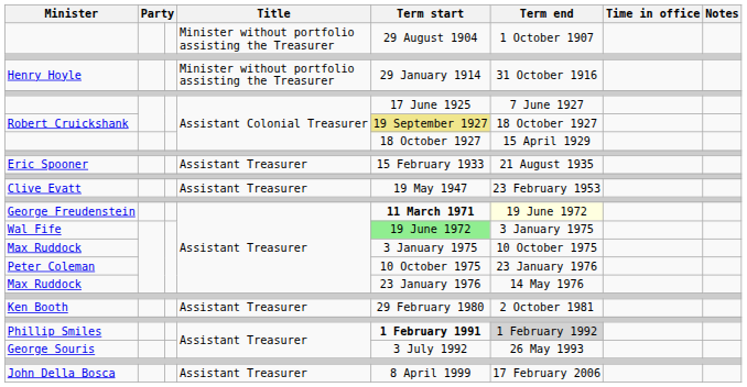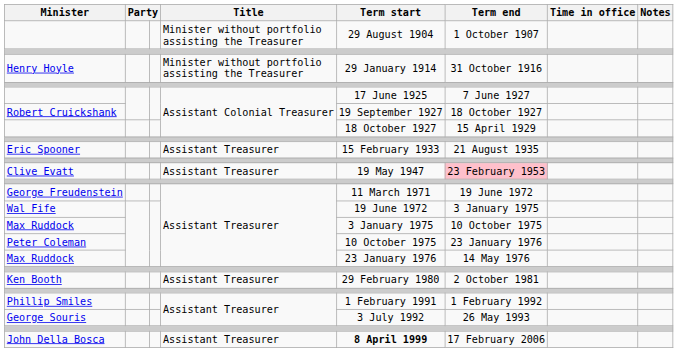 <table class="wikitable sortable">
 <tr>
 <th>Minister</th>
 <th colspan="2">Party</th>
 <th>Title</th>
 <th>Term start</th>
 <th>Term end</th>
 <th>Time in office</th>
 <th class="unsortable">Notes</th>
 </tr>
 <tr>
 <td></td>
 <td> </td>
 <td></td>
 <td>Minister without portfolio<br>assisting the Treasurer</td>
 <td align="center">29 August 1904</td>
 <td align="center">1 October 1907</td>
 <td align="right"></td>
 <td></td>
 </tr>
 <tr>
 <th colspan="10" style="background: #cccccc;"></th>
 </tr>
 <tr>
 <td><a href='#'>Henry Hoyle</a></td>
 <td> </td>
 <td></td>
 <td>Minister without portfolio<br>assisting the Treasurer</td>
 <td align=center>29 January 1914</td>
 <td align=center>31 October 1916</td>
 <td align=right></td>
 <td></td>
 </tr>
 <tr>
 <th colspan="10" style="background: #cccccc;"></th>
 </tr>
 <tr>
 <td></td>
 <td rowspan="2" > </td>
 <td rowspan="2"></td>
 <td rowspan="3">Assistant Colonial Treasurer</td>
 <td align=center>17 June 1925</td>
 <td align=center>7 June 1927</td>
 <td align=right></td>
 <td></td>
 </tr>
 <tr>
 <td><a href='#'>Robert Cruickshank</a></td>
-<td align=center style="background: khaki;">19 September 1927</td>
+<td align=center>19 September 1927</td>
 <td align=center>18 October 1927</td>
 <td align=right></td>
 <td></td>
 </tr>
 <tr>
 <td></td>
 <td> </td>
 <td></td>
 <td align=center>18 October 1927</td>
 <td align=center>15 April 1929</td>
 <td align=right></td>
 <td></td>
 </tr>
 <tr>
 <th colspan="10" style="background: #cccccc;"></th>
 </tr>
 <tr>
 <td><a href='#'>Eric Spooner</a></td>
 <td> </td>
 <td></td>
 <td>Assistant Treasurer</td>
 <td align=center>15 February 1933</td>
 <td align=center>21 August 1935</td>
 <td align=right></td>
 <td></td>
 </tr>
 <tr>
 <th colspan="10" style="background: #cccccc;"></th>
 </tr>
 <tr>
 <td><a href='#'>Clive Evatt</a></td>
 <td> </td>
 <td></td>
 <td>Assistant Treasurer</td>
 <td align=center>19 May 1947</td>
-<td align=center>23 February 1953</td>
+<td align=center style="background: pink;">23 February 1953</td>
 <td align=right></td>
 <td></td>
 </tr>
 <tr>
 <th colspan="10" style="background: #cccccc;"></th>
 </tr>
 <tr>
 <td><a href='#'>George Freudenstein</a></td>
 <td> </td>
 <td></td>
 <td rowspan="5">Assistant Treasurer</td>
-<td align=center><strong>11 March 1971</strong></td>
-<td align=center style="background: lightyellow;">19 June 1972</td>
+<td align=center>11 March 1971</td>
+<td align=center>19 June 1972</td>
 <td align=right></td>
 <td></td>
 </tr>
 <tr>
 <td><a href='#'>Wal Fife</a></td>
 <td rowspan="4" > </td>
 <td rowspan="4"></td>
-<td align=center style="background: lightgreen;">19 June 1972</td>
+<td align=center>19 June 1972</td>
 <td align=center>3 January 1975</td>
 <td align=right></td>
 <td></td>
 </tr>
 <tr>
 <td><a href='#'>Max Ruddock</a></td>
 <td align=center>3 January 1975</td>
 <td align=center>10 October 1975</td>
 <td align=right></td>
 <td></td>
 </tr>
 <tr>
 <td><a href='#'>Peter Coleman</a></td>
 <td align=center>10 October 1975</td>
 <td align=center>23 January 1976</td>
 <td align=right></td>
 <td></td>
 </tr>
 <tr>
 <td><a href='#'>Max Ruddock</a></td>
 <td align=center>23 January 1976</td>
 <td align=center>14 May 1976</td>
 <td align=right></td>
 <td></td>
 </tr>
 <tr>
 <th colspan="10" style="background: #cccccc;"></th>
 </tr>
 <tr>
 <td><a href='#'>Ken Booth</a></td>
 <td> </td>
 <td></td>
 <td>Assistant Treasurer</td>
 <td align=center>29 February 1980</td>
 <td align=center>2 October 1981</td>
 <td align=right></td>
 <td></td>
 </tr>
 <tr>
 <th colspan="10" style="background: #cccccc;"></th>
 </tr>
 <tr>
 <td><a href='#'>Phillip Smiles</a></td>
 <td> </td>
 <td></td>
 <td rowspan="2">Assistant Treasurer</td>
-<td align=center><strong>1 February 1991</strong></td>
-<td align=center style="background: lightgrey;">1 February 1992</td>
+<td align=center>1 February 1991</td>
+<td align=center>1 February 1992</td>
 <td align=right></td>
 <td></td>
 </tr>
 <tr>
 <td><a href='#'>George Souris</a></td>
 <td> </td>
 <td></td>
 <td align=center>3 July 1992</td>
 <td align=center>26 May 1993</td>
 <td align=right></td>
 <td></td>
 </tr>
 <tr>
 <th colspan="10" style="background: #cccccc;"></th>
 </tr>
 <tr>
 <td><a href='#'>John Della Bosca</a></td>
 <td> </td>
 <td></td>
 <td>Assistant Treasurer</td>
-<td align=center>8 April 1999</td>
+<td align=center><strong>8 April 1999</strong></td>
 <td align=center>17 February 2006</td>
 <td align=right></td>
 <td></td>
 </tr>
 </table>
